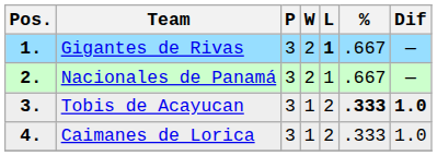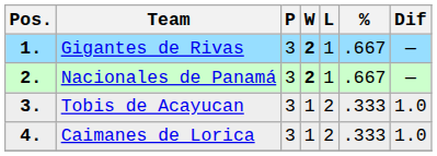 <table class="wikitable sortable" style="text-align: center;">
 <tr>
 <th align="center">Pos.</th>
 <th align="center">Team</th>
 <th align="center">P</th>
 <th align="center">W</th>
 <th align="center">L</th>
 <th align="center">%</th>
 <th align="center">Dif</th>
 </tr>
 <tr style="background: #97DEFF;">
 <td><strong>1.</strong></td>
 <td align=left> <a href='#'>Gigantes de Rivas</a></td>
 <td>3</td>
-<td>2</td>
-<td><strong>1</strong></td>
+<td><strong>2</strong></td>
+<td>1</td>
 <td>.667</td>
 <td>—</td>
 </tr>
 <tr style="background: #CCFFCC;">
 <td><strong>2.</strong></td>
 <td align=left> <a href='#'>Nacionales de Panamá</a></td>
 <td>3</td>
-<td>2</td>
+<td><strong>2</strong></td>
 <td>1</td>
 <td>.667</td>
 <td>—</td>
 </tr>
 <tr style="background: #EEEEEE;">
 <td><strong>3.</strong></td>
 <td align=left> <a href='#'>Tobis de Acayucan</a></td>
 <td>3</td>
 <td>1</td>
 <td>2</td>
-<td><strong>.333</strong></td>
-<td><strong>1.0</strong></td>
+<td>.333</td>
+<td>1.0</td>
 </tr>
 <tr style="background: #EEEEEE;">
 <td><strong>4.</strong></td>
 <td align=left> <a href='#'>Caimanes de Lorica</a></td>
 <td>3</td>
 <td>1</td>
 <td>2</td>
 <td>.333</td>
 <td>1.0</td>
 </tr>
 <tr>
 </tr>
 </table>
